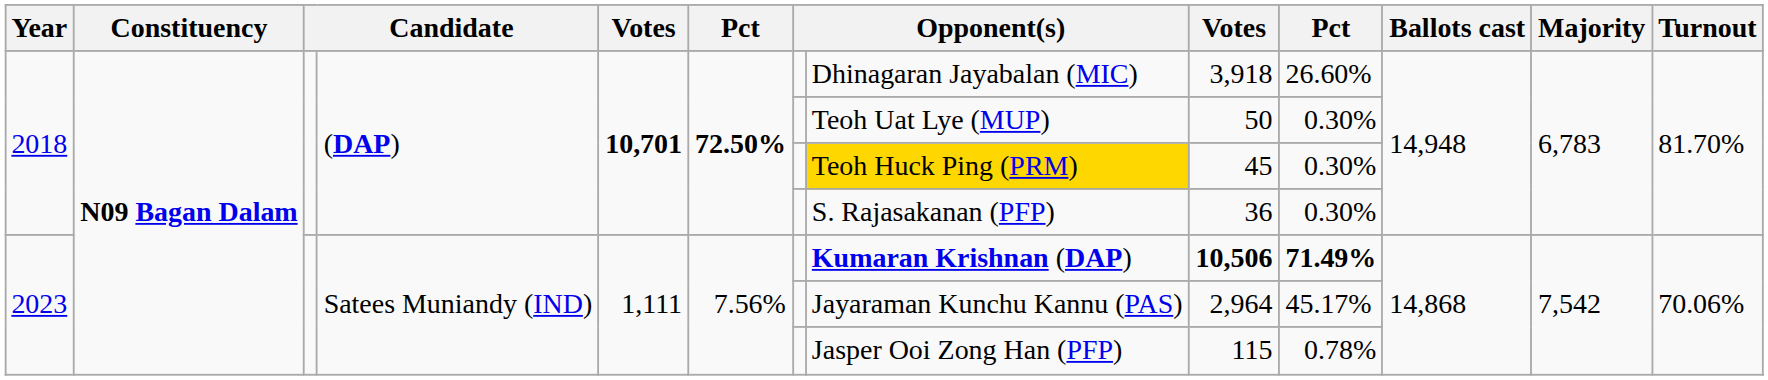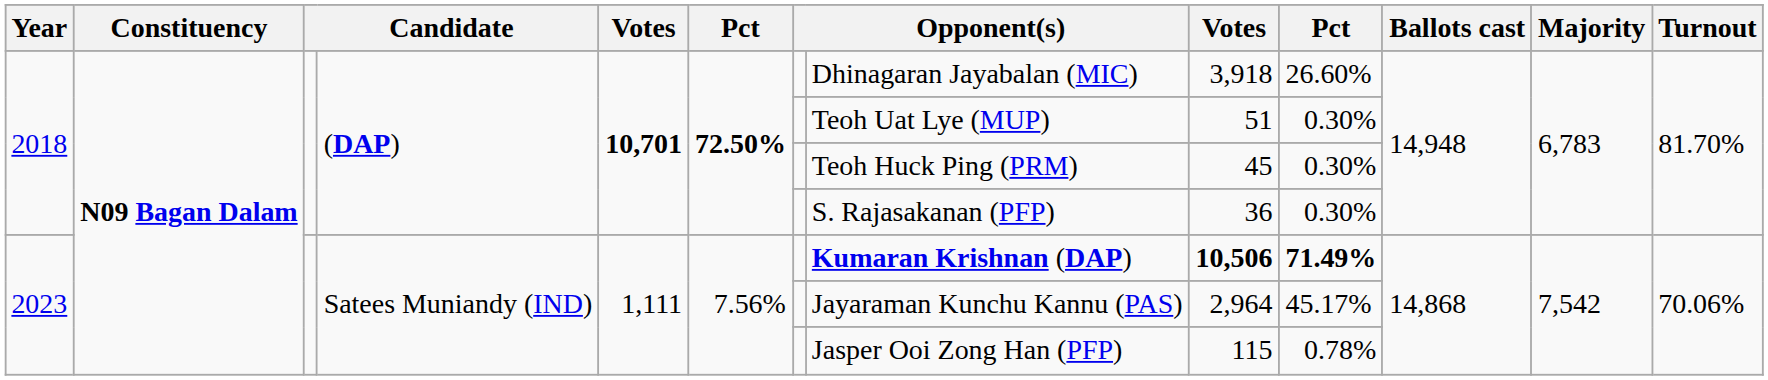 <table class="wikitable" style="margin:0.5em ; font-size:95%">
 <tr>
 <th>Year</th>
 <th>Constituency</th>
 <th colspan="2">Candidate</th>
 <th>Votes</th>
 <th>Pct</th>
 <th colspan="2">Opponent(s)</th>
 <th>Votes</th>
 <th>Pct</th>
 <th>Ballots cast</th>
 <th>Majority</th>
 <th>Turnout</th>
 </tr>
 <tr>
 <td rowspan=4><a href='#'>2018</a></td>
 <td rowspan=7><strong>N09 <a href='#'>Bagan Dalam</a></strong></td>
 <td rowspan=4 ></td>
 <td rowspan=4> (<a href='#'><strong>DAP</strong></a>)</td>
 <td rowspan=4 align=right><strong>10,701</strong></td>
 <td rowspan=4><strong>72.50%</strong></td>
 <td></td>
 <td>Dhinagaran Jayabalan (<a href='#'>MIC</a>)</td>
 <td align=right>3,918</td>
 <td>26.60%</td>
 <td rowspan=4>14,948</td>
 <td rowspan=4>6,783</td>
 <td rowspan=4>81.70%</td>
 </tr>
 <tr>
 <td bgcolor=></td>
 <td>Teoh Uat Lye (<a href='#'>MUP</a>)</td>
-<td align=right>50</td>
+<td align=right>51</td>
 <td align=right>0.30%</td>
 </tr>
 <tr>
 <td bgcolor=></td>
-<td style="background: gold;">Teoh Huck Ping (<a href='#'>PRM</a>)</td>
+<td>Teoh Huck Ping (<a href='#'>PRM</a>)</td>
 <td align=right>45</td>
 <td align=right>0.30%</td>
 </tr>
 <tr>
 <td bgcolor=></td>
 <td>S. Rajasakanan (<a href='#'>PFP</a>)</td>
 <td align=right>36</td>
 <td align=right>0.30%</td>
 </tr>
 <tr>
 <td rowspan=3><a href='#'>2023</a></td>
 <td rowspan=3 ></td>
 <td rowspan=3>Satees Muniandy (<a href='#'>IND</a>)</td>
 <td rowspan=3 align=right>1,111</td>
 <td rowspan=3 align=right>7.56%</td>
 <td></td>
 <td><strong><a href='#'>Kumaran Krishnan</a></strong> (<a href='#'><strong>DAP</strong></a>)</td>
 <td align=right><strong>10,506</strong></td>
 <td><strong>71.49%</strong></td>
 <td rowspan=3>14,868</td>
 <td rowspan=3>7,542</td>
 <td rowspan=3>70.06%</td>
 </tr>
 <tr>
 <td bgcolor=></td>
 <td>Jayaraman Kunchu Kannu	(<a href='#'>PAS</a>)</td>
 <td align=right>2,964</td>
 <td>45.17%</td>
 </tr>
 <tr>
 <td bgcolor=></td>
 <td>Jasper Ooi Zong Han (<a href='#'>PFP</a>)</td>
 <td align=right>115</td>
 <td align=right>0.78%</td>
 </tr>
 </table>
